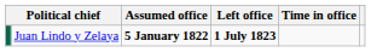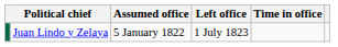 <table class="wikitable">
 <tr>
 <th colspan="2">Political chief</th>
 <th>Assumed office</th>
 <th>Left office</th>
 <th>Time in office</th>
 <th></th>
 </tr>
 <tr>
 <td style="background-color:#006847; text-align:center"></td>
 <td><a href='#'>Juan Lindo y Zelaya</a></td>
-<td><strong>5 January 1822</strong></td>
-<td><strong>1 July 1823</strong></td>
+<td>5 January 1822</td>
+<td>1 July 1823</td>
 <td></td>
 <td style="text-align:center"></td>
 </tr>
 </table>
